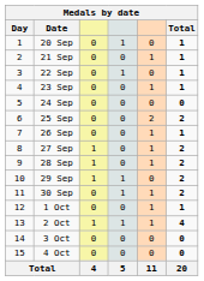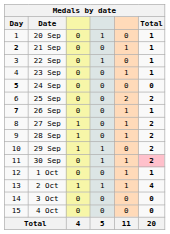 <table class="wikitable" style="font-size:85%; text-align:center">
 <tr style="background:#efefef;">
 <th colspan=6>Medals by date</th>
 </tr>
 <tr>
 <th width=30>Day</th>
 <th width=50>Date</th>
 <th width=30 style="background-color:#F7F6A8;"></th>
 <th width=30 style="background-color:#DCE5E5;"></th>
 <th width=30 style="background-color:#FFDAB9;"></th>
 <th width=30>Total</th>
 </tr>
 <tr>
 <td>1</td>
 <td>20 Sep</td>
 <td style="background:#F7F6A8;">0</td>
 <td style="background:#DCE5E5;">1</td>
 <td style="background:#FFDAB9;">0</td>
 <td><strong>1</strong></td>
 </tr>
 <tr>
-<td>2</td>
+<td><strong>2</strong></td>
 <td>21 Sep</td>
 <td style="background:#F7F6A8;">0</td>
 <td style="background:#DCE5E5;">0</td>
 <td style="background:#FFDAB9;">1</td>
 <td><strong>1</strong></td>
 </tr>
 <tr>
 <td>3</td>
 <td>22 Sep</td>
 <td style="background:#F7F6A8;">0</td>
 <td style="background:#DCE5E5;">1</td>
 <td style="background:#FFDAB9;">0</td>
 <td><strong>1</strong></td>
 </tr>
 <tr>
 <td>4</td>
 <td>23 Sep</td>
 <td style="background:#F7F6A8;">0</td>
 <td style="background:#DCE5E5;">0</td>
 <td style="background:#FFDAB9;">1</td>
 <td><strong>1</strong></td>
 </tr>
 <tr>
-<td>5</td>
+<td><strong>5</strong></td>
 <td>24 Sep</td>
 <td style="background:#F7F6A8;">0</td>
 <td style="background:#DCE5E5;">0</td>
 <td style="background:#FFDAB9;">0</td>
 <td><strong>0</strong></td>
 </tr>
 <tr>
 <td>6</td>
 <td>25 Sep</td>
 <td style="background:#F7F6A8;">0</td>
 <td style="background:#DCE5E5;">0</td>
 <td style="background:#FFDAB9;">2</td>
 <td><strong>2</strong></td>
 </tr>
 <tr>
-<td>7</td>
+<td><strong>7</strong></td>
 <td>26 Sep</td>
 <td style="background:#F7F6A8;">0</td>
 <td style="background:#DCE5E5;">0</td>
 <td style="background:#FFDAB9;">1</td>
 <td><strong>1</strong></td>
 </tr>
 <tr>
 <td>8</td>
 <td>27 Sep</td>
 <td style="background:#F7F6A8;">1</td>
 <td style="background:#DCE5E5;">0</td>
 <td style="background:#FFDAB9;">1</td>
 <td><strong>2</strong></td>
 </tr>
 <tr>
 <td>9</td>
 <td>28 Sep</td>
 <td style="background:#F7F6A8;">1</td>
 <td style="background:#DCE5E5;">0</td>
 <td style="background:#FFDAB9;">1</td>
 <td><strong>2</strong></td>
 </tr>
 <tr>
 <td>10</td>
 <td>29 Sep</td>
 <td style="background:#F7F6A8;">1</td>
 <td style="background:#DCE5E5;">1</td>
 <td style="background:#FFDAB9;">0</td>
 <td><strong>2</strong></td>
 </tr>
 <tr>
 <td>11</td>
 <td>30 Sep</td>
 <td style="background:#F7F6A8;">0</td>
 <td style="background:#DCE5E5;">1</td>
 <td style="background:#FFDAB9;">1</td>
-<td><strong>2</strong></td>
+<td style="background: pink;"><strong>2</strong></td>
 </tr>
 <tr>
 <td>12</td>
 <td>1 Oct</td>
 <td style="background:#F7F6A8;">0</td>
 <td style="background:#DCE5E5;">0</td>
 <td style="background:#FFDAB9;">1</td>
 <td><strong>1</strong></td>
 </tr>
 <tr>
 <td>13</td>
 <td>2 Oct</td>
 <td style="background:#F7F6A8;">1</td>
 <td style="background:#DCE5E5;">1</td>
 <td style="background:#FFDAB9;">1</td>
 <td><strong>4</strong></td>
 </tr>
 <tr>
 <td>14</td>
 <td>3 Oct</td>
 <td style="background:#F7F6A8;">0</td>
 <td style="background:#DCE5E5;">0</td>
 <td style="background:#FFDAB9;">0</td>
 <td><strong>0</strong></td>
 </tr>
 <tr>
 <td>15</td>
 <td>4 Oct</td>
 <td style="background:#F7F6A8;">0</td>
 <td style="background:#DCE5E5;">0</td>
 <td style="background:#FFDAB9;">0</td>
 <td><strong>0</strong></td>
 </tr>
 <tr>
 <th colspan="2">Total</th>
 <th>4</th>
 <th>5</th>
 <th>11</th>
 <th>20</th>
 </tr>
 </table>
